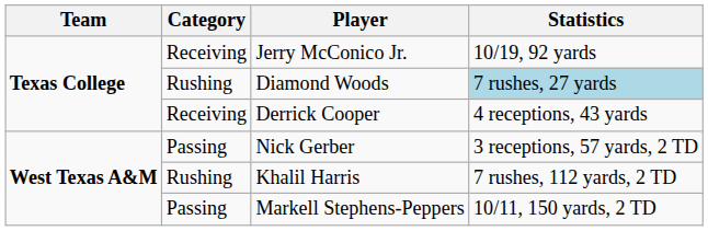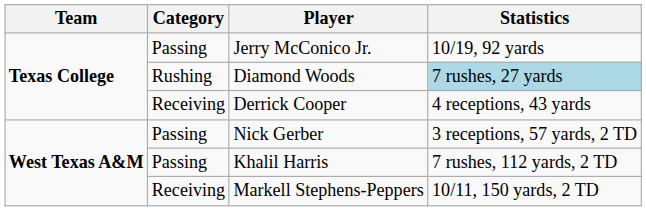 <table class="wikitable" style="float: right;">
 <tr>
 <th>Team</th>
 <th>Category</th>
 <th>Player</th>
 <th>Statistics</th>
 </tr>
 <tr>
 <td rowspan=3><strong>Texas College</strong></td>
-<td>Receiving</td>
+<td>Passing</td>
 <td>Jerry McConico Jr.</td>
 <td>10/19, 92 yards</td>
 </tr>
 <tr>
 <td>Rushing</td>
 <td>Diamond Woods</td>
 <td style="background: lightblue;">7 rushes, 27 yards</td>
 </tr>
 <tr>
 <td>Receiving</td>
 <td>Derrick Cooper</td>
 <td>4 receptions, 43 yards</td>
 </tr>
 <tr>
 <td rowspan=3><strong>West Texas A&M</strong></td>
 <td>Passing</td>
 <td>Nick Gerber</td>
 <td>3 receptions, 57 yards, 2 TD</td>
 </tr>
 <tr>
-<td>Rushing</td>
+<td>Passing</td>
 <td>Khalil Harris</td>
 <td>7 rushes, 112 yards, 2 TD</td>
 </tr>
 <tr>
-<td>Passing</td>
+<td>Receiving</td>
 <td>Markell Stephens-Peppers</td>
 <td>10/11, 150 yards, 2 TD</td>
 </tr>
 </table>
